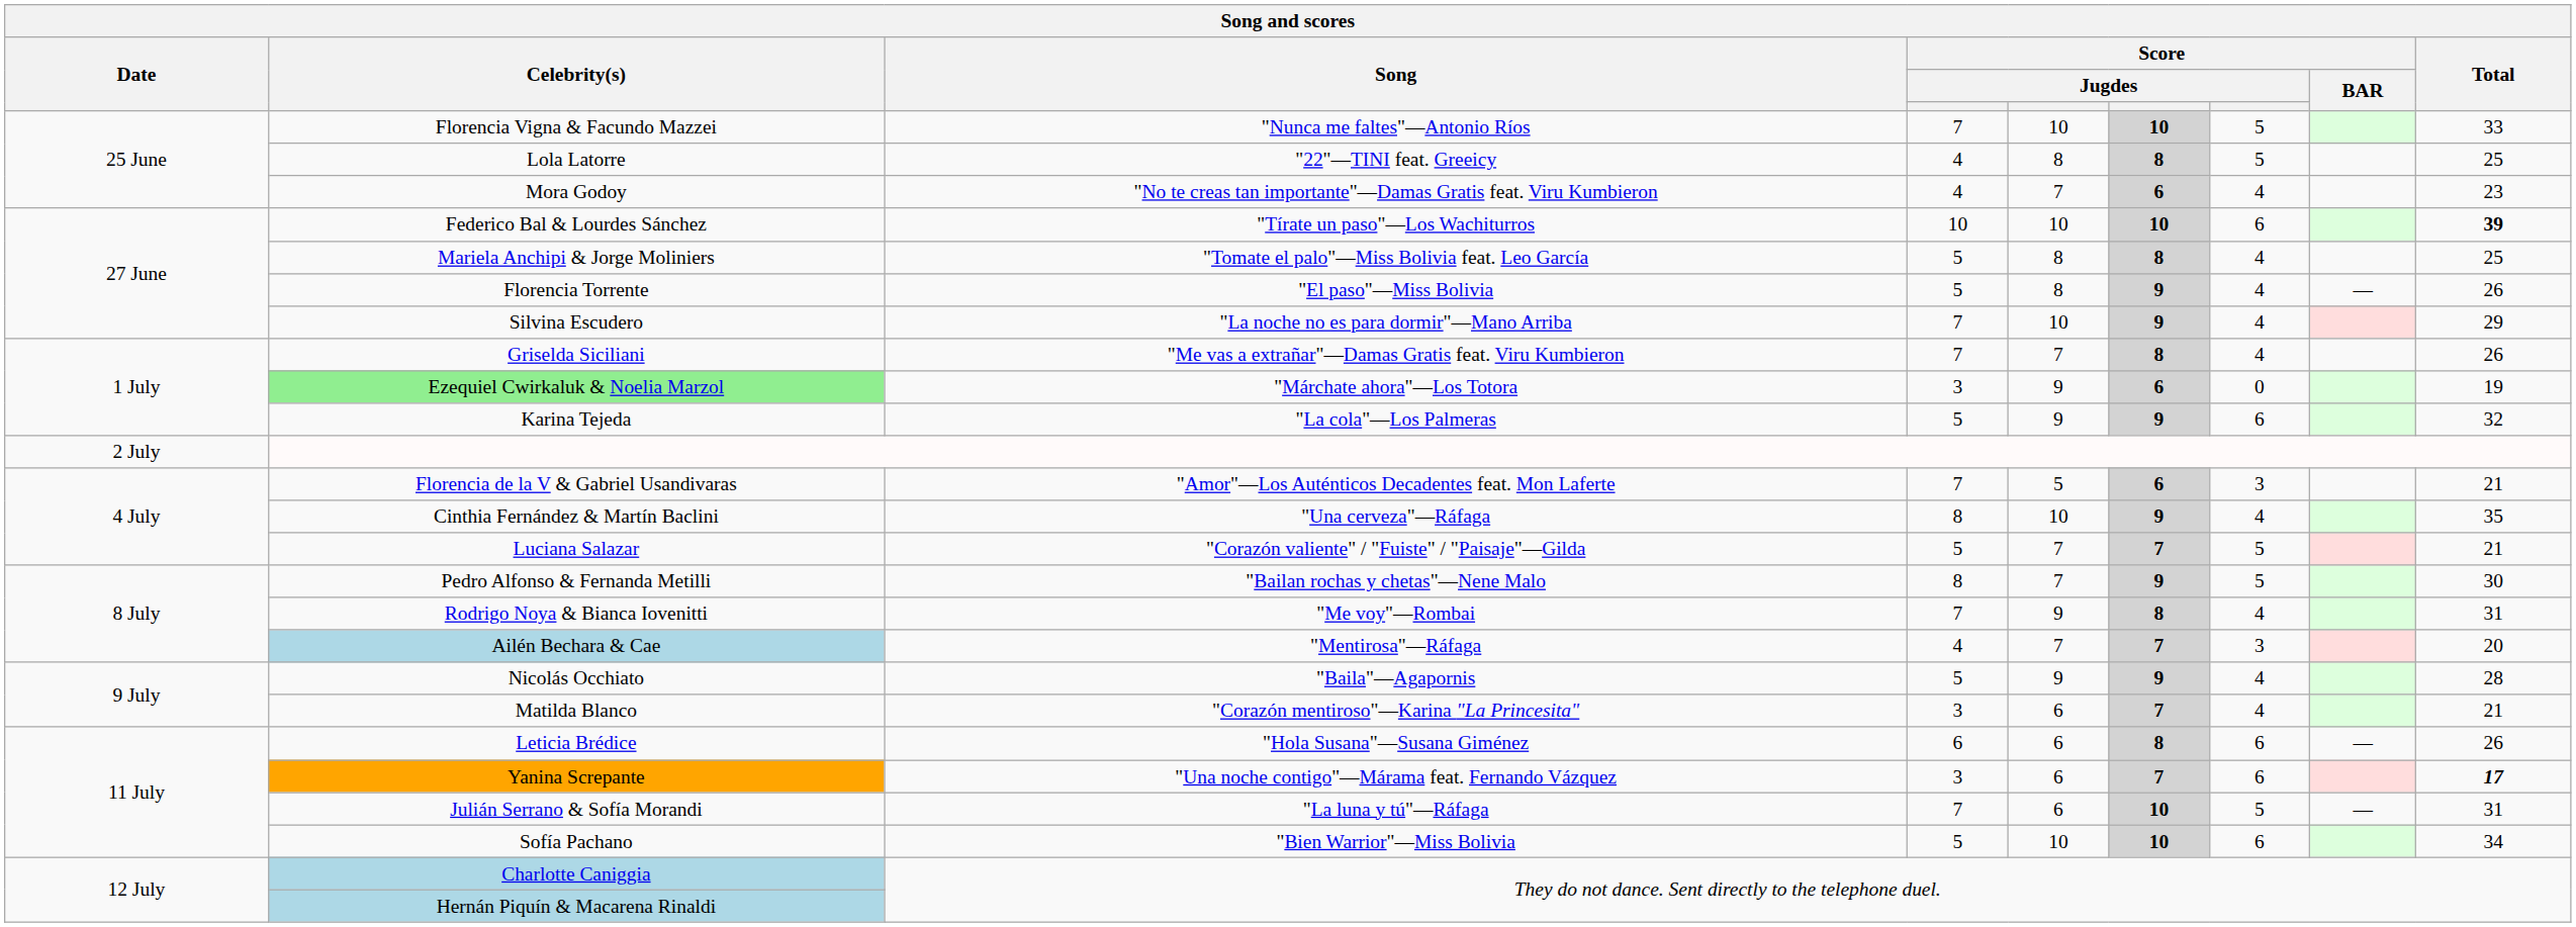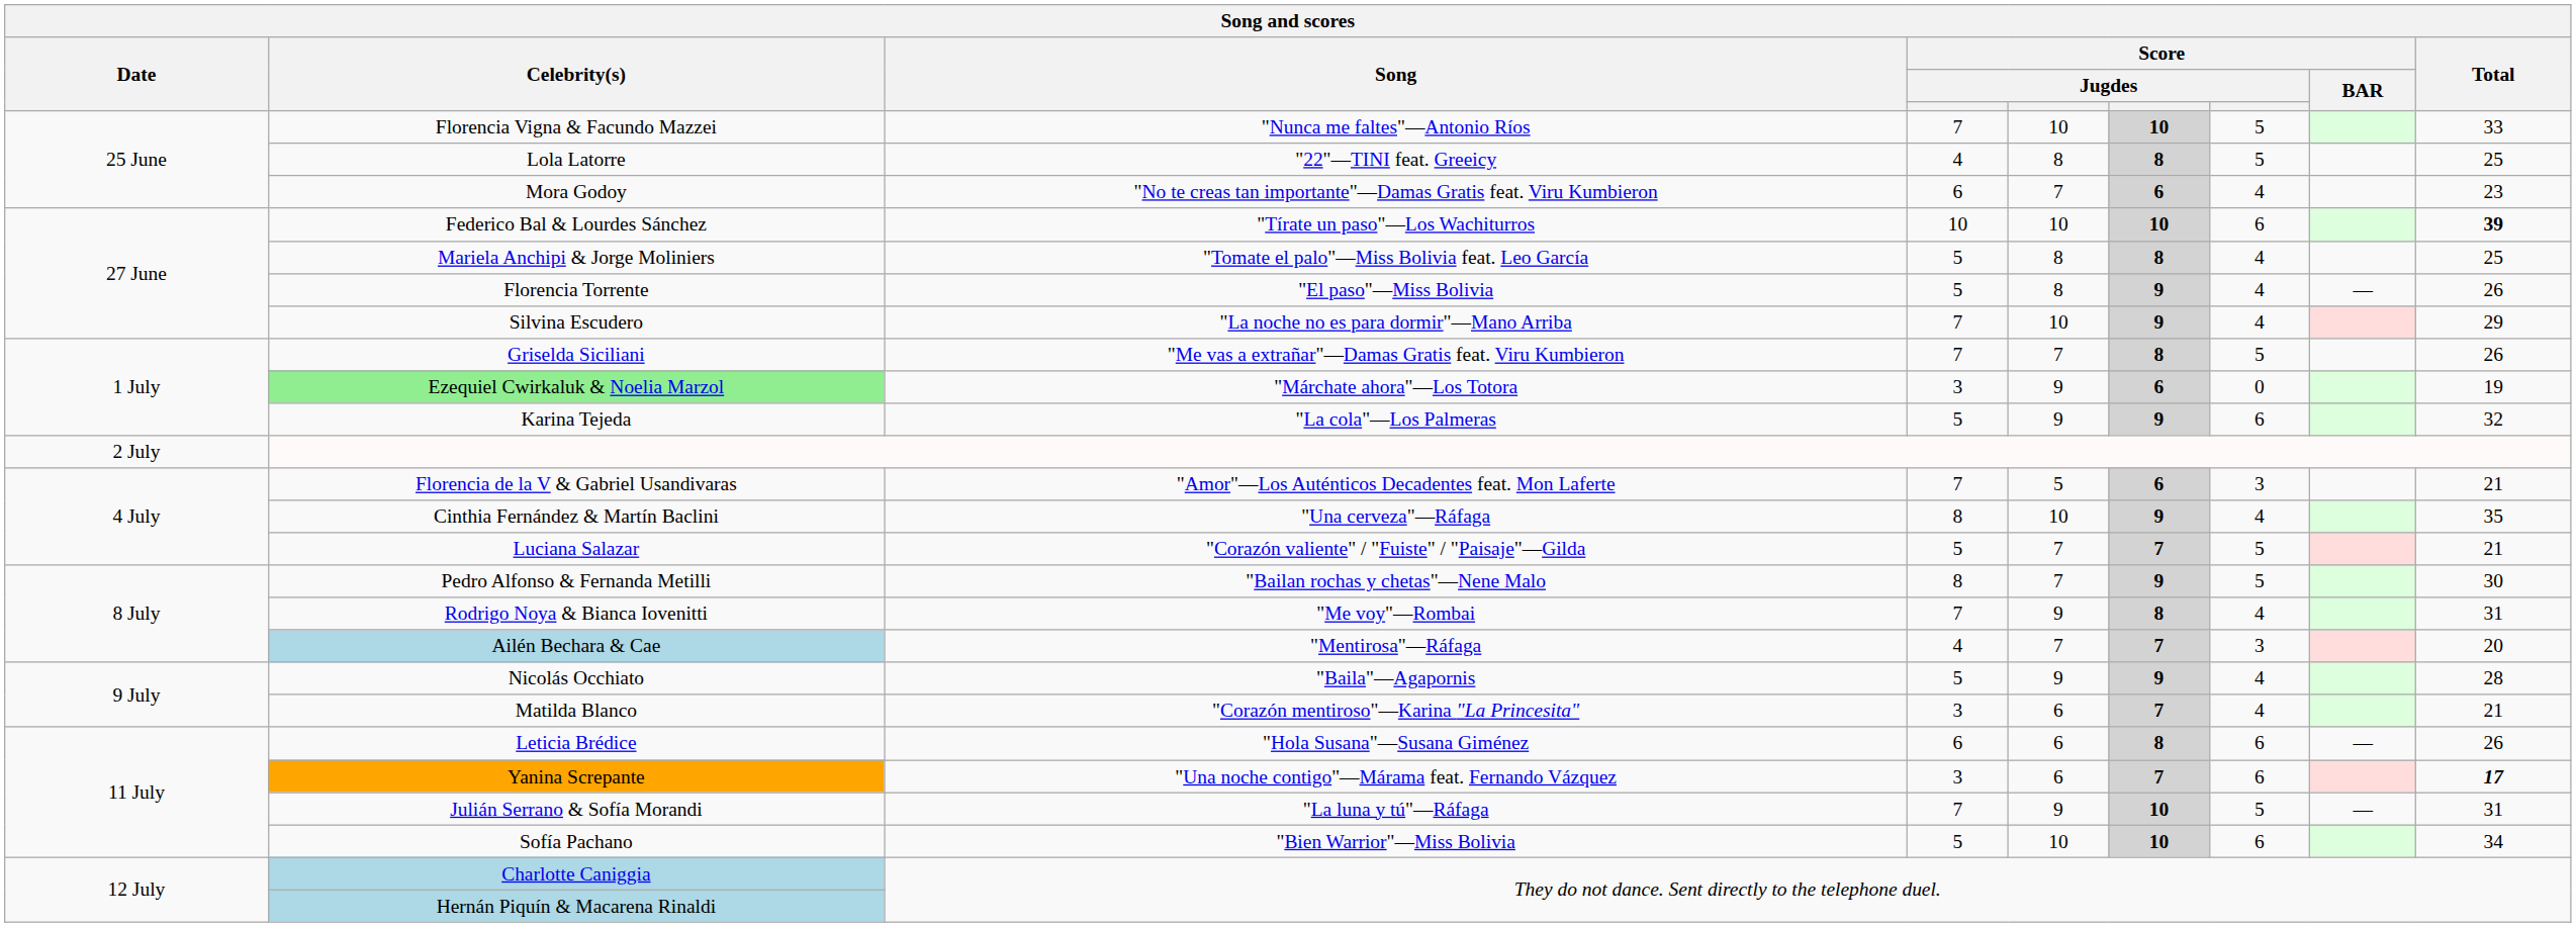 <table class="wikitable collapsible collapsed" style="font-size:95%; text-align: center; width: 100%;">
 <tr>
 <th colspan="11" style="with: 100%;" align=center>Song and scores</th>
 </tr>
 <tr>
 <th rowspan="3" width=90>Date</th>
 <th rowspan="3" width=220>Celebrity(s)</th>
 <th rowspan="3" width=370>Song</th>
 <th colspan="5">Score</th>
 <th rowspan="3" width=50>Total</th>
 </tr>
 <tr>
 <th colspan="4">Jugdes</th>
 <th rowspan="2" width=30>BAR<br></th>
 </tr>
 <tr>
 <th width=30></th>
 <th width=30></th>
 <th width=30></th>
 <th width=30></th>
 </tr>
 <tr>
 <td rowspan="3">25 June</td>
 <td bgcolor="">Florencia Vigna & Facundo Mazzei</td>
 <td>"<a href='#'>Nunca me faltes</a>"—<a href='#'>Antonio Ríos</a></td>
 <td>7</td>
 <td>10</td>
 <td bgcolor="lightgrey"><strong>10</strong></td>
 <td>5</td>
 <td bgcolor="#ddffdd"></td>
 <td>33</td>
 </tr>
 <tr>
 <td bgcolor="">Lola Latorre</td>
 <td>"<a href='#'>22</a>"—<a href='#'>TINI</a> feat. <a href='#'>Greeicy</a></td>
 <td>4</td>
 <td>8</td>
 <td bgcolor="lightgrey"><strong>8</strong></td>
 <td>5</td>
 <td></td>
 <td>25</td>
 </tr>
 <tr>
 <td bgcolor="">Mora Godoy</td>
 <td>"<a href='#'>No te creas tan importante</a>"—<a href='#'>Damas Gratis</a> feat. <a href='#'>Viru Kumbieron</a></td>
-<td>4</td>
+<td>6</td>
 <td>7</td>
 <td bgcolor="lightgrey"><strong>6</strong></td>
 <td>4</td>
 <td></td>
 <td>23</td>
 </tr>
 <tr>
 <td rowspan="4">27 June</td>
 <td bgcolor="">Federico Bal & Lourdes Sánchez</td>
 <td>"<a href='#'>Tírate un paso</a>"—<a href='#'>Los Wachiturros</a></td>
 <td>10</td>
 <td>10</td>
 <td bgcolor="lightgrey"><strong>10</strong></td>
 <td>6</td>
 <td bgcolor="#ddffdd"></td>
 <td><span><strong>39</strong></span></td>
 </tr>
 <tr>
 <td bgcolor=""><a href='#'>Mariela Anchipi</a> & Jorge Moliniers</td>
 <td>"<a href='#'>Tomate el palo</a>"—<a href='#'>Miss Bolivia</a> feat. <a href='#'>Leo García</a></td>
 <td>5</td>
 <td>8</td>
 <td bgcolor="lightgrey"><strong>8</strong></td>
 <td>4</td>
 <td></td>
 <td>25</td>
 </tr>
 <tr>
 <td bgcolor="">Florencia Torrente</td>
 <td>"<a href='#'>El paso</a>"—<a href='#'>Miss Bolivia</a></td>
 <td>5</td>
 <td>8</td>
 <td bgcolor="lightgrey"><strong>9</strong></td>
 <td>4</td>
 <td>—</td>
 <td>26</td>
 </tr>
 <tr>
 <td bgcolor="">Silvina Escudero</td>
 <td>"<a href='#'>La noche no es para dormir</a>"—<a href='#'>Mano Arriba</a></td>
 <td>7</td>
 <td>10</td>
 <td bgcolor="lightgrey"><strong>9</strong></td>
 <td>4</td>
 <td bgcolor="#ffdddd"></td>
 <td>29</td>
 </tr>
 <tr>
 <td rowspan="3">1 July</td>
 <td bgcolor=""><a href='#'>Griselda Siciliani</a></td>
 <td>"<a href='#'>Me vas a extrañar</a>"—<a href='#'>Damas Gratis</a> feat. <a href='#'>Viru Kumbieron</a></td>
 <td>7</td>
 <td>7</td>
 <td bgcolor="lightgrey"><strong>8</strong></td>
-<td>4</td>
+<td>5</td>
 <td></td>
 <td>26</td>
 </tr>
 <tr>
 <td bgcolor="lightgreen">Ezequiel Cwirkaluk & <a href='#'>Noelia Marzol</a></td>
 <td>"<a href='#'>Márchate ahora</a>"—<a href='#'>Los Totora</a></td>
 <td>3</td>
 <td>9</td>
 <td bgcolor="lightgrey"><strong>6</strong></td>
 <td>0</td>
 <td bgcolor="#ddffdd"></td>
 <td>19</td>
 </tr>
 <tr>
 <td bgcolor="">Karina Tejeda</td>
 <td>"<a href='#'>La cola</a>"—<a href='#'>Los Palmeras</a></td>
 <td>5</td>
 <td>9</td>
 <td bgcolor="lightgrey"><strong>9</strong></td>
 <td>6</td>
 <td bgcolor="#ddffdd"></td>
 <td>32</td>
 </tr>
 <tr>
 <td rowspan="1">2 July</td>
 <td colspan="10" bgcolor="#FFFAFA"></td>
 </tr>
 <tr>
 <td rowspan="3">4 July</td>
 <td bgcolor=""><a href='#'>Florencia de la V</a> & Gabriel Usandivaras</td>
 <td>"<a href='#'>Amor</a>"—<a href='#'>Los Auténticos Decadentes</a> feat. <a href='#'>Mon Laferte</a></td>
 <td>7</td>
 <td>5</td>
 <td bgcolor="lightgrey"><strong>6</strong></td>
 <td>3</td>
 <td></td>
 <td>21</td>
 </tr>
 <tr>
 <td bgcolor="">Cinthia Fernández & Martín Baclini</td>
 <td>"<a href='#'>Una cerveza</a>"—<a href='#'>Ráfaga</a></td>
 <td>8</td>
 <td>10</td>
 <td bgcolor="lightgrey"><strong>9</strong></td>
 <td>4</td>
 <td bgcolor="#ddffdd"></td>
 <td>35</td>
 </tr>
 <tr>
 <td bgcolor=""><a href='#'>Luciana Salazar</a></td>
 <td>"<a href='#'>Corazón valiente</a>" / "<a href='#'>Fuiste</a>" / "<a href='#'>Paisaje</a>"—<a href='#'>Gilda</a></td>
 <td>5</td>
 <td>7</td>
 <td bgcolor="lightgrey"><strong>7</strong></td>
 <td>5</td>
 <td bgcolor="#ffdddd"></td>
 <td>21</td>
 </tr>
 <tr>
 <td rowspan="3">8 July</td>
 <td bgcolor="">Pedro Alfonso & Fernanda Metilli</td>
 <td>"<a href='#'>Bailan rochas y chetas</a>"—<a href='#'>Nene Malo</a></td>
 <td>8</td>
 <td>7</td>
 <td bgcolor="lightgrey"><strong>9</strong></td>
 <td>5</td>
 <td bgcolor="#ddffdd"></td>
 <td>30</td>
 </tr>
 <tr>
 <td bgcolor=""><a href='#'>Rodrigo Noya</a> & Bianca Iovenitti</td>
 <td>"<a href='#'>Me voy</a>"—<a href='#'>Rombai</a></td>
 <td>7</td>
 <td>9</td>
 <td bgcolor="lightgrey"><strong>8</strong></td>
 <td>4</td>
 <td bgcolor="#ddffdd"></td>
 <td>31</td>
 </tr>
 <tr>
 <td bgcolor="lightblue">Ailén Bechara & Cae</td>
 <td>"<a href='#'>Mentirosa</a>"—<a href='#'>Ráfaga</a></td>
 <td>4</td>
 <td>7</td>
 <td bgcolor="lightgrey"><strong>7</strong></td>
 <td>3</td>
 <td bgcolor="#ffdddd"></td>
 <td>20</td>
 </tr>
 <tr>
 <td rowspan="2">9 July</td>
 <td bgcolor="">Nicolás Occhiato</td>
 <td>"<a href='#'>Baila</a>"—<a href='#'>Agapornis</a></td>
 <td>5</td>
 <td>9</td>
 <td bgcolor="lightgrey"><strong>9</strong></td>
 <td>4</td>
 <td bgcolor="#ddffdd"></td>
 <td>28</td>
 </tr>
 <tr>
 <td bgcolor="">Matilda Blanco</td>
 <td>"<a href='#'>Corazón mentiroso</a>"—<a href='#'>Karina <em>"La Princesita"</em></a></td>
 <td>3</td>
 <td>6</td>
 <td bgcolor="lightgrey"><strong>7</strong></td>
 <td>4</td>
 <td bgcolor="#ddffdd"></td>
 <td>21</td>
 </tr>
 <tr>
 <td rowspan="4">11 July</td>
 <td bgcolor=""><a href='#'>Leticia Brédice</a></td>
 <td>"<a href='#'>Hola Susana</a>"—<a href='#'>Susana Giménez</a></td>
 <td>6</td>
 <td>6</td>
 <td bgcolor="lightgrey"><strong>8</strong></td>
 <td>6</td>
 <td>—</td>
 <td>26</td>
 </tr>
 <tr>
 <td bgcolor="orange">Yanina Screpante</td>
 <td>"<a href='#'>Una noche contigo</a>"—<a href='#'>Márama</a> feat. <a href='#'>Fernando Vázquez</a></td>
 <td>3</td>
 <td>6</td>
 <td bgcolor="lightgrey"><strong>7</strong></td>
 <td>6</td>
 <td bgcolor="#ffdddd"></td>
 <td><span><strong><em>17</em></strong></span></td>
 </tr>
 <tr>
 <td bgcolor=""><a href='#'>Julián Serrano</a> & Sofía Morandi</td>
 <td>"<a href='#'>La luna y tú</a>"—<a href='#'>Ráfaga</a></td>
 <td>7</td>
-<td>6</td>
+<td>9</td>
 <td bgcolor="lightgrey"><strong>10</strong></td>
 <td>5</td>
 <td>—</td>
 <td>31</td>
 </tr>
 <tr>
 <td bgcolor="">Sofía Pachano</td>
 <td>"<a href='#'>Bien Warrior</a>"—<a href='#'>Miss Bolivia</a></td>
 <td>5</td>
 <td>10</td>
 <td bgcolor="lightgrey"><strong>10</strong></td>
 <td>6</td>
 <td bgcolor="#ddffdd"></td>
 <td>34</td>
 </tr>
 <tr>
 <td rowspan="2">12 July</td>
 <td bgcolor="lightblue"><a href='#'>Charlotte Caniggia</a></td>
 <td colspan="10" rowspan="2"><em>They do not dance. Sent directly to the telephone duel.</em></td>
 </tr>
 <tr>
 <td bgcolor="lightblue">Hernán Piquín & Macarena Rinaldi</td>
 </tr>
 </table>
